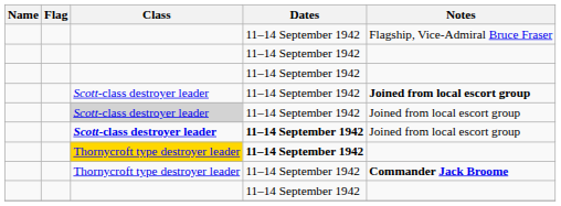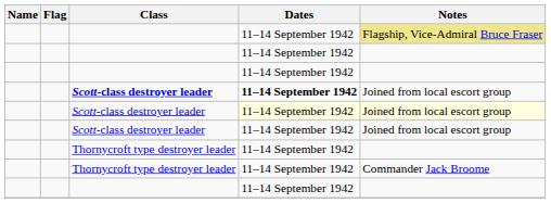 <table class="wikitable sortable">
 <tr>
 <th>Name</th>
 <th>Flag</th>
 <th>Class</th>
 <th>Dates</th>
 <th>Notes</th>
 </tr>
 <tr>
 <td></td>
 <td></td>
 <td></td>
 <td>11–14 September 1942</td>
-<td>Flagship, Vice-Admiral <a href='#'>Bruce Fraser</a></td>
+<td style="background: khaki;">Flagship, Vice-Admiral <a href='#'>Bruce Fraser</a></td>
 </tr>
 <tr>
 <td></td>
 <td></td>
 <td></td>
 <td>11–14 September 1942</td>
 <td></td>
 </tr>
 <tr>
 <td></td>
 <td></td>
 <td></td>
 <td>11–14 September 1942</td>
 <td></td>
 </tr>
 <tr>
 <td></td>
 <td></td>
-<td><a href='#'><em>Scott</em>-class destroyer leader</a></td>
-<td>11–14 September 1942</td>
-<td><strong>Joined from local escort group</strong></td>
-</tr>
-<tr>
-<td></td>
-<td></td>
-<td style="background: lightgrey;"><a href='#'><em>Scott</em>-class destroyer leader</a></td>
-<td>11–14 September 1942</td>
-<td>Joined from local escort group</td>
-</tr>
-<tr>
-<td></td>
-<td></td>
 <td><strong><a href='#'><em>Scott</em>-class destroyer leader</a></strong></td>
 <td><strong>11–14 September 1942</strong></td>
 <td>Joined from local escort group</td>
 </tr>
 <tr>
 <td></td>
 <td></td>
-<td style="background: gold;"><a href='#'>Thornycroft type destroyer leader</a></td>
-<td><strong>11–14 September 1942</strong></td>
+<td><a href='#'><em>Scott</em>-class destroyer leader</a></td>
+<td style="background: lightyellow;">11–14 September 1942</td>
+<td style="background: lightyellow;">Joined from local escort group</td>
+</tr>
+<tr>
+<td></td>
+<td></td>
+<td><a href='#'><em>Scott</em>-class destroyer leader</a></td>
+<td>11–14 September 1942</td>
+<td>Joined from local escort group</td>
+</tr>
+<tr>
+<td></td>
+<td></td>
+<td><a href='#'>Thornycroft type destroyer leader</a></td>
+<td>11–14 September 1942</td>
 <td></td>
 </tr>
 <tr>
 <td></td>
 <td></td>
 <td><a href='#'>Thornycroft type destroyer leader</a></td>
 <td>11–14 September 1942</td>
-<td><strong>Commander <a href='#'>Jack Broome</a></strong></td>
+<td>Commander <a href='#'>Jack Broome</a></td>
 </tr>
 <tr>
 <td></td>
 <td></td>
 <td></td>
 <td>11–14 September 1942</td>
 <td></td>
 </tr>
 <tr>
 </tr>
 </table>
